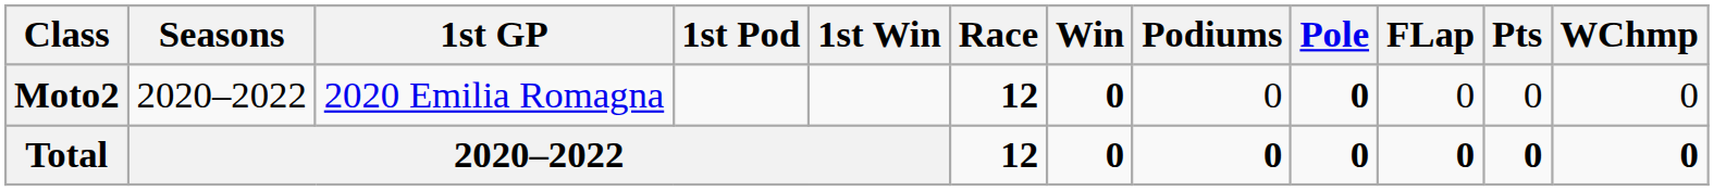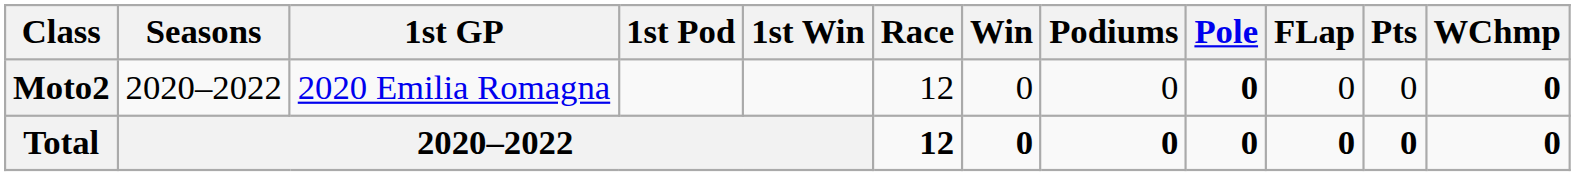 <table class="wikitable" style=text-align:right>
 <tr>
 <th>Class</th>
 <th>Seasons</th>
 <th>1st GP</th>
 <th>1st Pod</th>
 <th>1st Win</th>
 <th>Race</th>
 <th>Win</th>
 <th>Podiums</th>
 <th><a href='#'>Pole</a></th>
 <th>FLap</th>
 <th>Pts</th>
 <th>WChmp</th>
 </tr>
 <tr>
 <th>Moto2</th>
 <td>2020–2022</td>
 <td align="left"><a href='#'>2020 Emilia Romagna</a></td>
 <td align="left"></td>
 <td align="left"></td>
-<td><strong>12</strong></td>
-<td><strong>0</strong></td>
+<td>12</td>
+<td>0</td>
 <td>0</td>
 <td><strong>0</strong></td>
 <td>0</td>
 <td>0</td>
-<td>0</td>
+<td><strong>0</strong></td>
 </tr>
 <tr>
 <th>Total</th>
 <th colspan="4">2020–2022</th>
 <td><strong>12</strong></td>
 <td><strong>0</strong></td>
 <td><strong>0</strong></td>
 <td><strong>0</strong></td>
 <td><strong>0</strong></td>
 <td><strong>0</strong></td>
 <td><strong>0</strong></td>
 </tr>
 </table>
